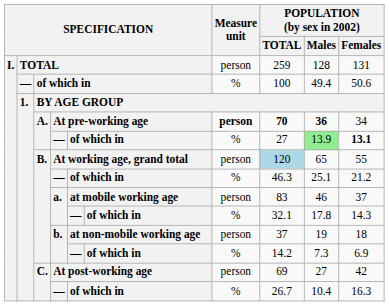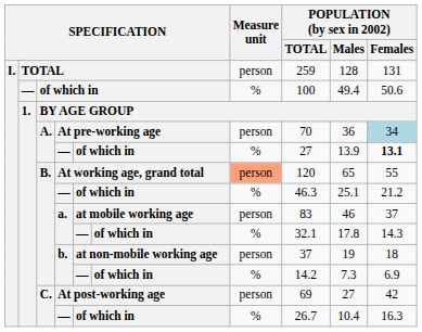 <table class="wikitable" style="font-size:85%; text-align:center">
 <tr>
 <th rowspan="2" colspan="6">SPECIFICATION</th>
 <th rowspan="2">Measure<br> unit</th>
 <th colspan="3" rowspan="1">POPULATION<br> (by sex in 2002)</th>
 </tr>
 <tr>
 <th>TOTAL</th>
 <th>Males</th>
 <th>Females</th>
 </tr>
 <tr>
 <th style="text-align:left" valign="top" rowspan="13">I.</th>
 <th style="text-align:left" colspan="5">TOTAL</th>
 <td>person</td>
 <td>259</td>
 <td>128</td>
 <td>131</td>
 </tr>
 <tr>
 <th style="text-align:left" valign="top">—</th>
 <th style="text-align:left" colspan="4">of which in</th>
 <td>%</td>
 <td>100</td>
 <td>49.4</td>
 <td>50.6</td>
 </tr>
 <tr>
 <th style="text-align:left" valign="top" rowspan="11">1.</th>
 <th style="text-align:left" colspan="19">BY AGE GROUP</th>
 </tr>
 <tr>
 <th style="text-align:left" valign="top" rowspan="2">A.</th>
 <th style="text-align:left" colspan="3">At pre-working age</th>
-<td><strong>person</strong></td>
-<td><strong>70</strong></td>
-<td><strong>36</strong></td>
-<td>34</td>
+<td>person</td>
+<td>70</td>
+<td>36</td>
+<td style="background: lightblue;">34</td>
 </tr>
 <tr>
 <th style="text-align:left" valign="top">—</th>
 <th style="text-align:left" valign="top" colspan="2">of which in</th>
 <td>%</td>
 <td>27</td>
-<td style="background: lightgreen;">13.9</td>
+<td>13.9</td>
 <td><strong>13.1</strong></td>
 </tr>
 <tr>
 <th style="text-align:left" valign="top" rowspan="6">B.</th>
 <th style="text-align:left" colspan="3">At working age, grand total</th>
-<td>person</td>
-<td style="background: lightblue;">120</td>
+<td style="background: lightsalmon;">person</td>
+<td>120</td>
 <td>65</td>
 <td>55</td>
 </tr>
 <tr>
 <th style="text-align:left" valign="top">—</th>
 <th style="text-align:left" valign="top" colspan="2">of which in</th>
 <td>%</td>
 <td>46.3</td>
 <td>25.1</td>
 <td>21.2</td>
 </tr>
 <tr>
 <th style="text-align:left" valign="top" rowspan="2">a.</th>
 <th style="text-align:left" colspan="2">at mobile working age</th>
 <td>person</td>
 <td>83</td>
 <td>46</td>
 <td>37</td>
 </tr>
 <tr>
 <th style="text-align:left" valign="top">—</th>
 <th style="text-align:left" valign="top" colspan="1">of which in                        </th>
 <td>%</td>
 <td>32.1</td>
 <td>17.8</td>
 <td>14.3</td>
 </tr>
 <tr>
 <th style="text-align:left" valign="top" rowspan="2">b.</th>
 <th style="text-align:left" colspan="2">at non-mobile working age</th>
 <td>person</td>
 <td>37</td>
 <td>19</td>
 <td>18</td>
 </tr>
 <tr>
 <th style="text-align:left" valign="top">—</th>
 <th style="text-align:left" valign="top" colspan="1">of which in                        </th>
 <td>%</td>
 <td>14.2</td>
 <td>7.3</td>
 <td>6.9</td>
 </tr>
 <tr>
 <th style="text-align:left" valign="top" rowspan="2">C.</th>
 <th style="text-align:left" colspan="3">At post-working age</th>
 <td>person</td>
 <td>69</td>
 <td>27</td>
 <td>42</td>
 </tr>
 <tr>
 <th style="text-align:left" valign="top">—</th>
 <th style="text-align:left" valign="top" colspan="2">of which in</th>
 <td>%</td>
 <td>26.7</td>
 <td>10.4</td>
 <td>16.3</td>
 </tr>
 </table>
